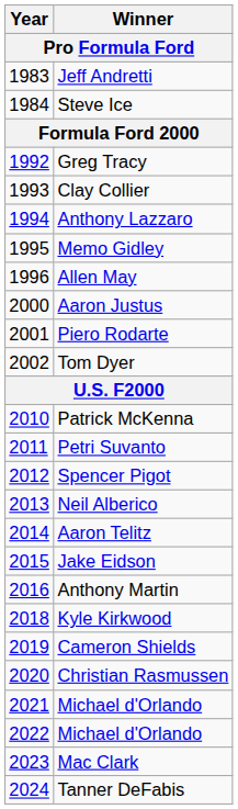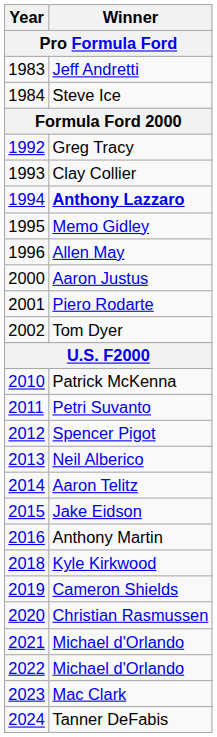 <table class="wikitable" style="font-size: 95%;">
 <tr>
 <th>Year</th>
 <th>Winner</th>
 </tr>
 <tr>
 <th colspan=2>Pro <a href='#'>Formula Ford</a></th>
 </tr>
 <tr>
 <td>1983</td>
 <td><a href='#'>Jeff Andretti</a></td>
 </tr>
 <tr>
 <td>1984</td>
 <td>Steve Ice</td>
 </tr>
 <tr>
 <th colspan=2>Formula Ford 2000</th>
 </tr>
 <tr>
 <td><a href='#'>1992</a></td>
 <td>Greg Tracy</td>
 </tr>
 <tr>
 <td>1993</td>
 <td>Clay Collier</td>
 </tr>
 <tr>
 <td><a href='#'>1994</a></td>
-<td><a href='#'>Anthony Lazzaro</a></td>
+<td><strong><a href='#'>Anthony Lazzaro</a></strong></td>
 </tr>
 <tr>
 <td>1995</td>
 <td><a href='#'>Memo Gidley</a></td>
 </tr>
 <tr>
 <td>1996</td>
 <td><a href='#'>Allen May</a></td>
 </tr>
 <tr>
 <td>2000</td>
 <td><a href='#'>Aaron Justus</a></td>
 </tr>
 <tr>
 <td>2001</td>
 <td><a href='#'>Piero Rodarte</a></td>
 </tr>
 <tr>
 <td>2002</td>
 <td>Tom Dyer</td>
 </tr>
 <tr>
 <th colspan=2><a href='#'>U.S. F2000</a></th>
 </tr>
 <tr>
 <td><a href='#'>2010</a></td>
 <td>Patrick McKenna</td>
 </tr>
 <tr>
 <td><a href='#'>2011</a></td>
 <td><a href='#'>Petri Suvanto</a></td>
 </tr>
 <tr>
 <td><a href='#'>2012</a></td>
 <td><a href='#'>Spencer Pigot</a></td>
 </tr>
 <tr>
 <td><a href='#'>2013</a></td>
 <td><a href='#'>Neil Alberico</a></td>
 </tr>
 <tr>
 <td><a href='#'>2014</a></td>
 <td><a href='#'>Aaron Telitz</a></td>
 </tr>
 <tr>
 <td><a href='#'>2015</a></td>
 <td><a href='#'>Jake Eidson</a></td>
 </tr>
 <tr>
 <td><a href='#'>2016</a></td>
 <td>Anthony Martin</td>
 </tr>
 <tr>
 <td><a href='#'>2018</a></td>
 <td><a href='#'>Kyle Kirkwood</a></td>
 </tr>
 <tr>
 <td><a href='#'>2019</a></td>
 <td><a href='#'>Cameron Shields</a></td>
 </tr>
 <tr>
 <td><a href='#'>2020</a></td>
 <td><a href='#'>Christian Rasmussen</a></td>
 </tr>
 <tr>
 <td><a href='#'>2021</a></td>
 <td><a href='#'>Michael d'Orlando</a></td>
 </tr>
 <tr>
 <td><a href='#'>2022</a></td>
 <td><a href='#'>Michael d'Orlando</a></td>
 </tr>
 <tr>
 <td><a href='#'>2023</a></td>
 <td><a href='#'>Mac Clark</a></td>
 </tr>
 <tr>
 <td><a href='#'>2024</a></td>
 <td>Tanner DeFabis</td>
 </tr>
 </table>
